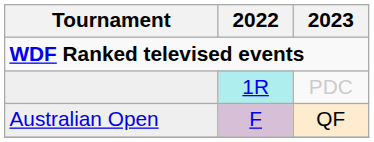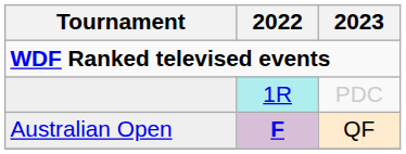 <table class="wikitable" style="width:45%; margin:0";font-size:100%>
 <tr>
 <th>Tournament</th>
 <th>2022</th>
 <th>2023</th>
 </tr>
 <tr>
 <td colspan="10" style="text-align:left"><strong><a href='#'>WDF</a> Ranked televised events</strong></td>
 </tr>
 <tr>
 <td style="background:#efefef;"></td>
 <td style="text-align:center; background:#afeeee;"><a href='#'>1R</a></td>
 <td style="text-align:center; color:#ccc;">PDC</td>
 </tr>
 <tr>
 <td style="background:#efefef;"><a href='#'>Australian Open</a></td>
-<td style="text-align:center; background:thistle;"><a href='#'>F</a></td>
+<td style="text-align:center; background:thistle;"><strong><a href='#'>F</a></strong></td>
 <td style="text-align:center; background:#ffebcd;">QF</td>
 </tr>
 <tr>
 </tr>
 </table>
